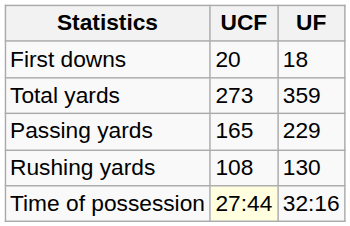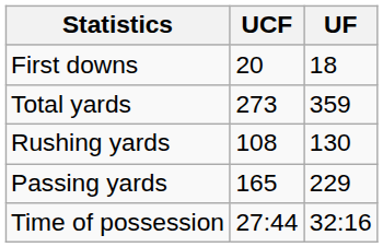 <table class="wikitable" style="float: right;">
 <tr>
 <th>Statistics</th>
 <th>UCF</th>
 <th>UF</th>
 </tr>
 <tr>
 <td>First downs</td>
 <td>20</td>
 <td>18</td>
 </tr>
 <tr>
 <td>Total yards</td>
 <td>273</td>
 <td>359</td>
 </tr>
 <tr>
+<td>Rushing yards</td>
+<td>108</td>
+<td>130</td>
+</tr>
+<tr>
 <td>Passing yards</td>
 <td>165</td>
 <td>229</td>
 </tr>
 <tr>
-<td>Rushing yards</td>
-<td>108</td>
-<td>130</td>
-</tr>
-<tr>
 <td>Time of possession</td>
-<td style="background: lightyellow;">27:44</td>
+<td>27:44</td>
 <td>32:16</td>
 </tr>
 </table>
